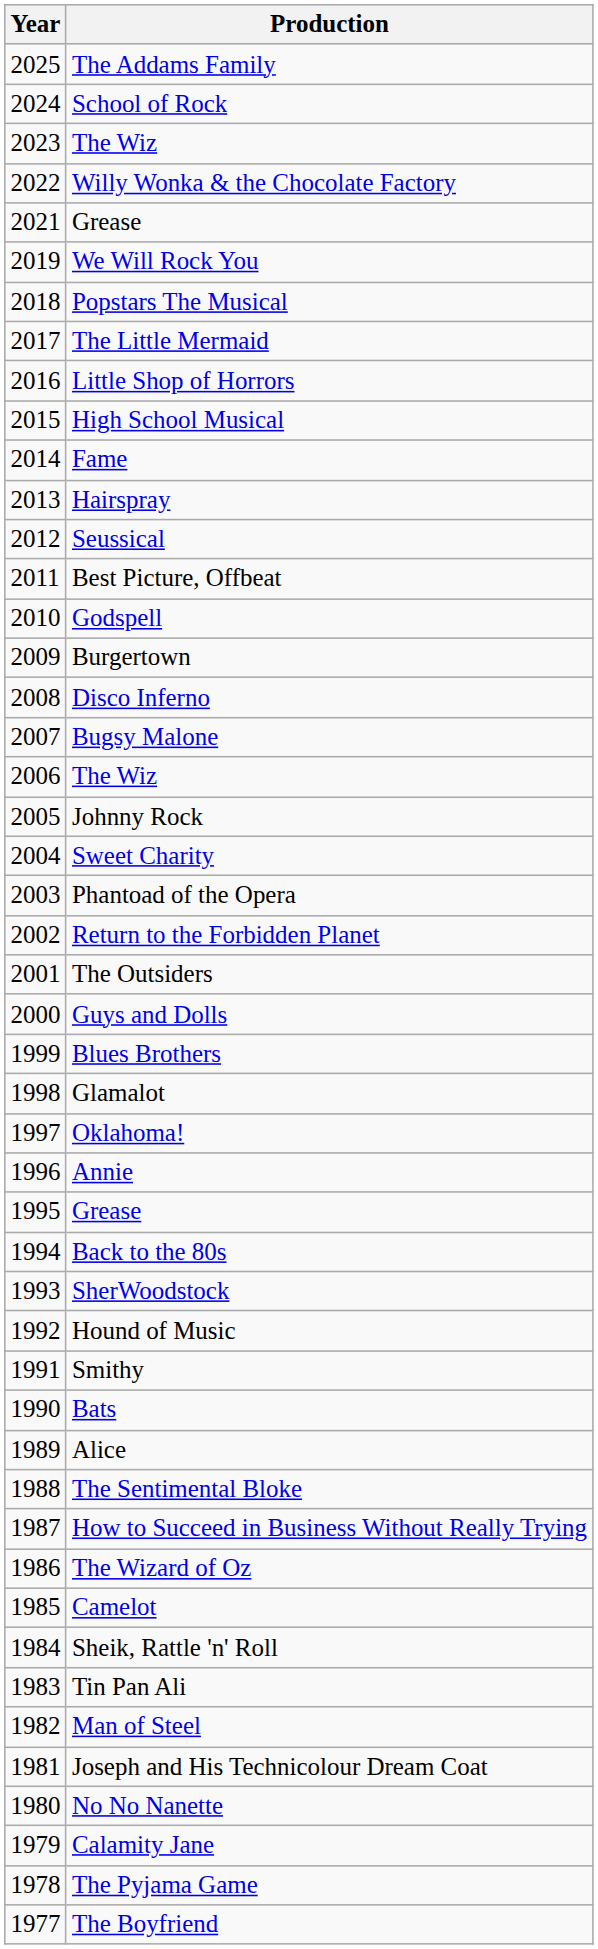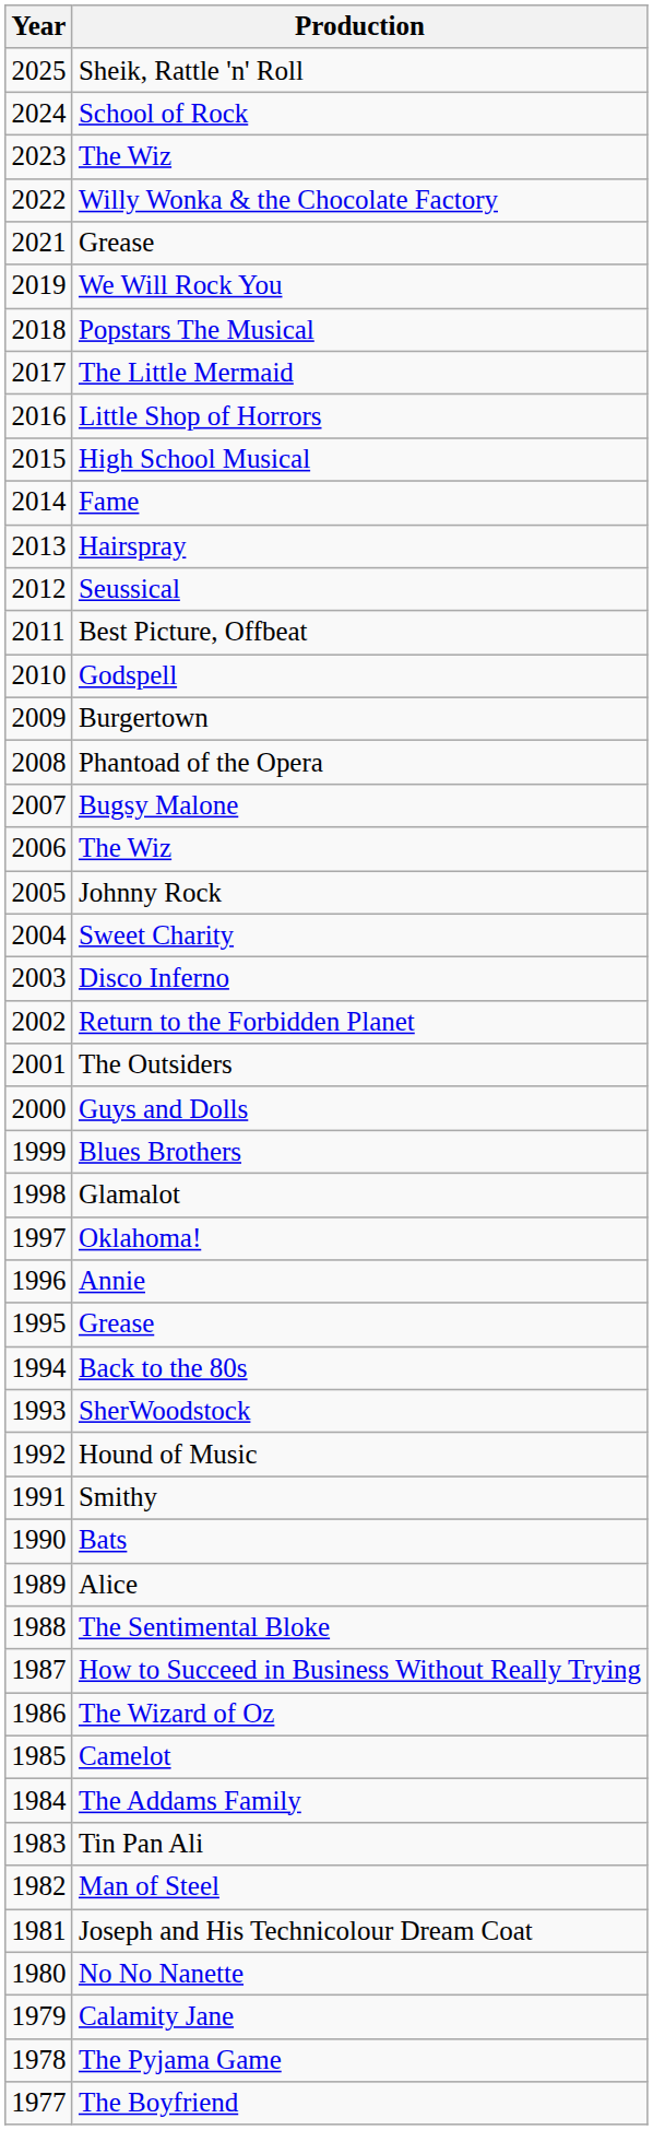 <table class="wikitable">
 <tr>
 <th>Year</th>
 <th>Production</th>
 </tr>
 <tr>
 <td>2025</td>
-<td><a href='#'>The Addams Family</a></td>
+<td>Sheik, Rattle 'n' Roll</td>
 </tr>
 <tr>
 <td>2024</td>
 <td><a href='#'>School of Rock</a></td>
 </tr>
 <tr>
 <td>2023</td>
 <td><a href='#'>The Wiz</a></td>
 </tr>
 <tr>
 <td>2022</td>
 <td><a href='#'>Willy Wonka & the Chocolate Factory</a></td>
 </tr>
 <tr>
 <td>2021</td>
 <td>Grease</td>
 </tr>
 <tr>
 <td>2019</td>
 <td><a href='#'>We Will Rock You</a></td>
 </tr>
 <tr>
 <td>2018</td>
 <td><a href='#'>Popstars The Musical</a></td>
 </tr>
 <tr>
 <td>2017</td>
 <td><a href='#'>The Little Mermaid</a></td>
 </tr>
 <tr>
 <td>2016</td>
 <td><a href='#'>Little Shop of Horrors</a></td>
 </tr>
 <tr>
 <td>2015</td>
 <td><a href='#'>High School Musical</a></td>
 </tr>
 <tr>
 <td>2014</td>
 <td><a href='#'>Fame</a></td>
 </tr>
 <tr>
 <td>2013</td>
 <td><a href='#'>Hairspray</a></td>
 </tr>
 <tr>
 <td>2012</td>
 <td><a href='#'>Seussical</a></td>
 </tr>
 <tr>
 <td>2011</td>
 <td>Best Picture, Offbeat</td>
 </tr>
 <tr>
 <td>2010</td>
 <td><a href='#'>Godspell</a></td>
 </tr>
 <tr>
 <td>2009</td>
 <td>Burgertown</td>
 </tr>
 <tr>
 <td>2008</td>
-<td><a href='#'>Disco Inferno</a></td>
+<td>Phantoad of the Opera</td>
 </tr>
 <tr>
 <td>2007</td>
 <td><a href='#'>Bugsy Malone</a></td>
 </tr>
 <tr>
 <td>2006</td>
 <td><a href='#'>The Wiz</a></td>
 </tr>
 <tr>
 <td>2005</td>
 <td>Johnny Rock</td>
 </tr>
 <tr>
 <td>2004</td>
 <td><a href='#'>Sweet Charity</a></td>
 </tr>
 <tr>
 <td>2003</td>
-<td>Phantoad of the Opera</td>
+<td><a href='#'>Disco Inferno</a></td>
 </tr>
 <tr>
 <td>2002</td>
 <td><a href='#'>Return to the Forbidden Planet</a></td>
 </tr>
 <tr>
 <td>2001</td>
 <td>The Outsiders</td>
 </tr>
 <tr>
 <td>2000</td>
 <td><a href='#'>Guys and Dolls</a></td>
 </tr>
 <tr>
 <td>1999</td>
 <td><a href='#'>Blues Brothers</a></td>
 </tr>
 <tr>
 <td>1998</td>
 <td>Glamalot</td>
 </tr>
 <tr>
 <td>1997</td>
 <td><a href='#'>Oklahoma!</a></td>
 </tr>
 <tr>
 <td>1996</td>
 <td><a href='#'>Annie</a></td>
 </tr>
 <tr>
 <td>1995</td>
 <td><a href='#'>Grease</a></td>
 </tr>
 <tr>
 <td>1994</td>
 <td><a href='#'>Back to the 80s</a></td>
 </tr>
 <tr>
 <td>1993</td>
 <td><a href='#'>SherWoodstock</a></td>
 </tr>
 <tr>
 <td>1992</td>
 <td>Hound of Music</td>
 </tr>
 <tr>
 <td>1991</td>
 <td>Smithy</td>
 </tr>
 <tr>
 <td>1990</td>
 <td><a href='#'>Bats</a></td>
 </tr>
 <tr>
 <td>1989</td>
 <td>Alice</td>
 </tr>
 <tr>
 <td>1988</td>
 <td><a href='#'>The Sentimental Bloke</a></td>
 </tr>
 <tr>
 <td>1987</td>
 <td><a href='#'>How to Succeed in Business Without Really Trying</a></td>
 </tr>
 <tr>
 <td>1986</td>
 <td><a href='#'>The Wizard of Oz</a></td>
 </tr>
 <tr>
 <td>1985</td>
 <td><a href='#'>Camelot</a></td>
 </tr>
 <tr>
 <td>1984</td>
-<td>Sheik, Rattle 'n' Roll</td>
+<td><a href='#'>The Addams Family</a></td>
 </tr>
 <tr>
 <td>1983</td>
 <td>Tin Pan Ali</td>
 </tr>
 <tr>
 <td>1982</td>
 <td><a href='#'>Man of Steel</a></td>
 </tr>
 <tr>
 <td>1981</td>
 <td>Joseph and His Technicolour Dream Coat</td>
 </tr>
 <tr>
 <td>1980</td>
 <td><a href='#'>No No Nanette</a></td>
 </tr>
 <tr>
 <td>1979</td>
 <td><a href='#'>Calamity Jane</a></td>
 </tr>
 <tr>
 <td>1978</td>
 <td><a href='#'>The Pyjama Game</a></td>
 </tr>
 <tr>
 <td>1977</td>
 <td><a href='#'>The Boyfriend</a></td>
 </tr>
 </table>
